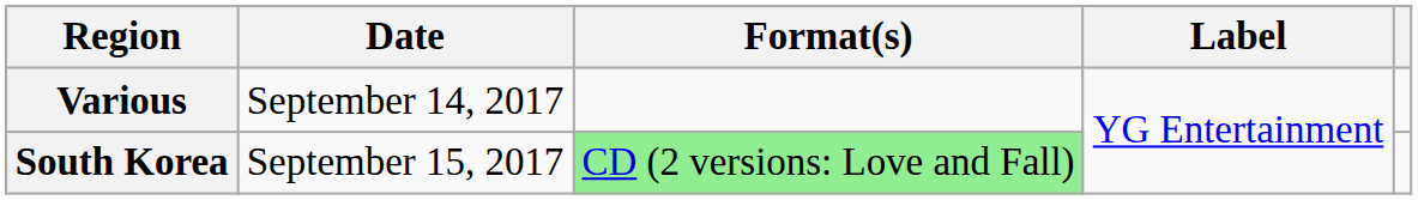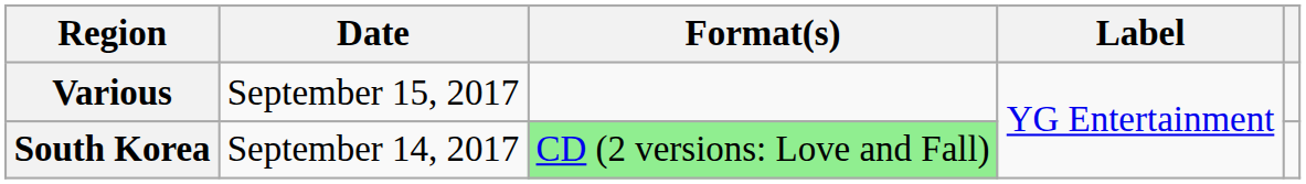 <table class="wikitable plainrowheaders">
 <tr>
 <th scope="col">Region</th>
 <th scope="col">Date</th>
 <th scope="col">Format(s)</th>
 <th scope="col">Label</th>
 <th scope="col"></th>
 </tr>
 <tr>
 <th scope="row">Various</th>
-<td>September 14, 2017</td>
+<td>September 15, 2017</td>
 <td></td>
 <td rowspan= "2"><a href='#'>YG Entertainment</a></td>
 <td></td>
 </tr>
 <tr>
 <th scope="row">South Korea</th>
-<td>September 15, 2017</td>
+<td>September 14, 2017</td>
 <td style="background: lightgreen;"><a href='#'>CD</a> (2 versions: Love and Fall)</td>
 <td></td>
 </tr>
 </table>
